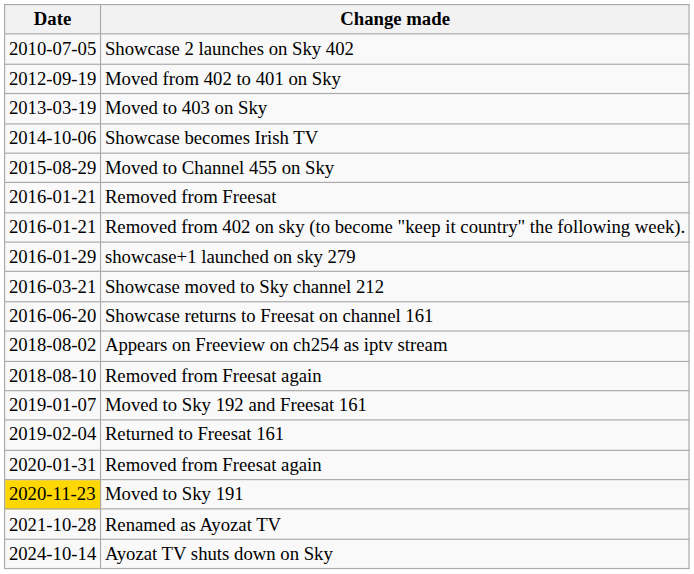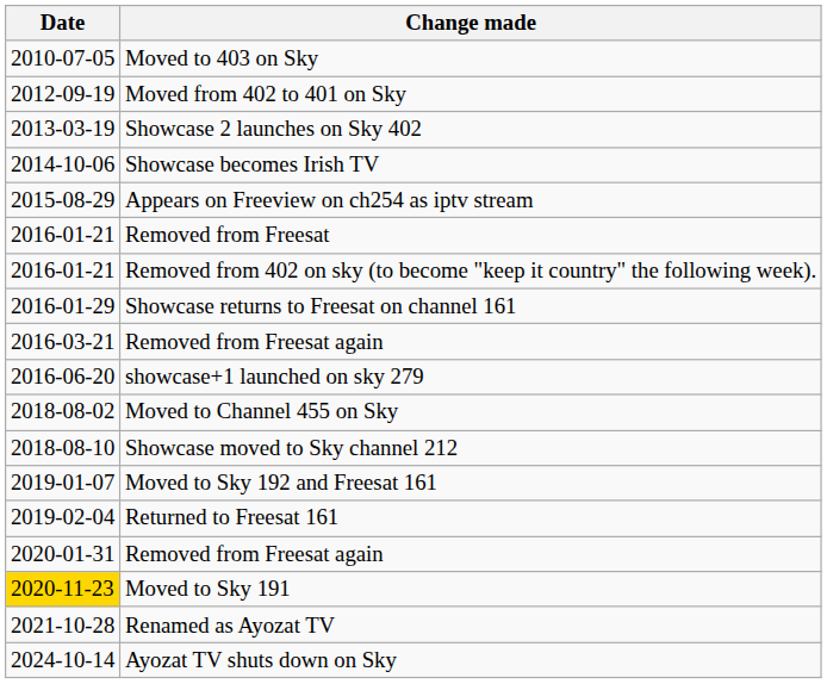 <table class="wikitable">
 <tr>
 <th>Date</th>
 <th>Change made</th>
 </tr>
 <tr>
 <td>2010-07-05</td>
-<td>Showcase 2 launches on Sky 402</td>
+<td>Moved to 403 on Sky</td>
 </tr>
 <tr>
 <td>2012-09-19</td>
 <td>Moved from 402 to 401 on Sky</td>
 </tr>
 <tr>
 <td>2013-03-19</td>
-<td>Moved to 403 on Sky</td>
+<td>Showcase 2 launches on Sky 402</td>
 </tr>
 <tr>
 <td>2014-10-06</td>
 <td>Showcase becomes Irish TV</td>
 </tr>
 <tr>
 <td>2015-08-29</td>
-<td>Moved to Channel 455 on Sky</td>
+<td>Appears on Freeview on ch254 as iptv stream</td>
 </tr>
 <tr>
 <td>2016-01-21</td>
 <td>Removed from Freesat</td>
 </tr>
 <tr>
 <td>2016-01-21</td>
 <td>Removed from 402 on sky (to become "keep it country" the following week).</td>
 </tr>
 <tr>
 <td>2016-01-29</td>
+<td>Showcase returns to Freesat on channel 161</td>
+</tr>
+<tr>
+<td>2016-03-21</td>
+<td>Removed from Freesat again</td>
+</tr>
+<tr>
+<td>2016-06-20</td>
 <td>showcase+1 launched on sky 279</td>
 </tr>
 <tr>
-<td>2016-03-21</td>
-<td>Showcase moved to Sky channel 212</td>
-</tr>
-<tr>
-<td>2016-06-20</td>
-<td>Showcase returns to Freesat on channel 161</td>
-</tr>
-<tr>
 <td>2018-08-02</td>
-<td>Appears on Freeview on ch254 as iptv stream</td>
+<td>Moved to Channel 455 on Sky</td>
 </tr>
 <tr>
 <td>2018-08-10</td>
-<td>Removed from Freesat again</td>
+<td>Showcase moved to Sky channel 212</td>
 </tr>
 <tr>
 <td>2019-01-07</td>
 <td>Moved to Sky 192 and Freesat 161</td>
 </tr>
 <tr>
 <td>2019-02-04</td>
 <td>Returned to Freesat 161</td>
 </tr>
 <tr>
 <td>2020-01-31</td>
 <td>Removed from Freesat again</td>
 </tr>
 <tr>
 <td style="background: gold;">2020-11-23</td>
 <td>Moved to Sky 191</td>
 </tr>
 <tr>
 <td>2021-10-28</td>
 <td>Renamed as Ayozat TV</td>
 </tr>
 <tr>
 <td>2024-10-14</td>
 <td>Ayozat TV shuts down on Sky</td>
 </tr>
 </table>
